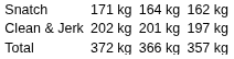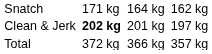 <table>
 <tr>
 <td>Snatch</td>
 <td></td>
 <td>171 kg</td>
 <td></td>
 <td>164 kg</td>
 <td></td>
 <td>162 kg</td>
 </tr>
 <tr>
 <td>Clean & Jerk</td>
 <td></td>
-<td>202 kg</td>
+<td><strong>202 kg</strong></td>
 <td></td>
 <td>201 kg</td>
 <td></td>
 <td>197 kg</td>
 </tr>
 <tr>
 <td>Total</td>
 <td></td>
 <td>372 kg</td>
 <td></td>
 <td>366 kg</td>
 <td></td>
 <td>357 kg</td>
 </tr>
 </table>
